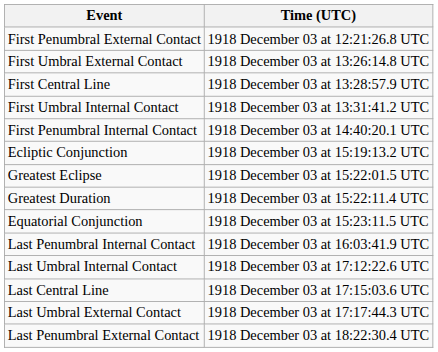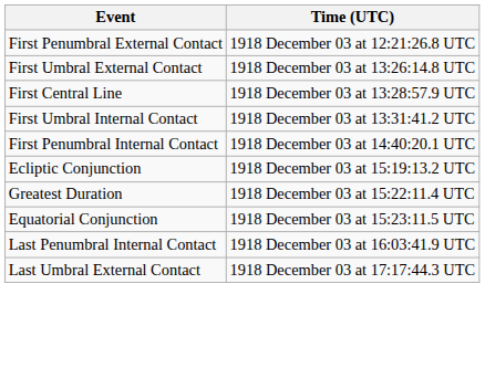 <table class="wikitable">
 <tr>
 <th>Event</th>
 <th>Time (UTC)</th>
 </tr>
 <tr>
 <td>First Penumbral External Contact</td>
 <td>1918 December 03 at 12:21:26.8 UTC</td>
 </tr>
 <tr>
 <td>First Umbral External Contact</td>
 <td>1918 December 03 at 13:26:14.8 UTC</td>
 </tr>
 <tr>
 <td>First Central Line</td>
 <td>1918 December 03 at 13:28:57.9 UTC</td>
 </tr>
 <tr>
 <td>First Umbral Internal Contact</td>
 <td>1918 December 03 at 13:31:41.2 UTC</td>
 </tr>
 <tr>
 <td>First Penumbral Internal Contact</td>
 <td>1918 December 03 at 14:40:20.1 UTC</td>
 </tr>
 <tr>
 <td>Ecliptic Conjunction</td>
 <td>1918 December 03 at 15:19:13.2 UTC</td>
 </tr>
 <tr>
-<td>Greatest Eclipse</td>
-<td>1918 December 03 at 15:22:01.5 UTC</td>
-</tr>
-<tr>
 <td>Greatest Duration</td>
 <td>1918 December 03 at 15:22:11.4 UTC</td>
 </tr>
 <tr>
 <td>Equatorial Conjunction</td>
 <td>1918 December 03 at 15:23:11.5 UTC</td>
 </tr>
 <tr>
 <td>Last Penumbral Internal Contact</td>
 <td>1918 December 03 at 16:03:41.9 UTC</td>
 </tr>
 <tr>
-<td>Last Umbral Internal Contact</td>
-<td>1918 December 03 at 17:12:22.6 UTC</td>
-</tr>
-<tr>
-<td>Last Central Line</td>
-<td>1918 December 03 at 17:15:03.6 UTC</td>
-</tr>
-<tr>
 <td>Last Umbral External Contact</td>
 <td>1918 December 03 at 17:17:44.3 UTC</td>
 </tr>
-<tr>
-<td>Last Penumbral External Contact</td>
-<td>1918 December 03 at 18:22:30.4 UTC</td>
-</tr>
 </table>
